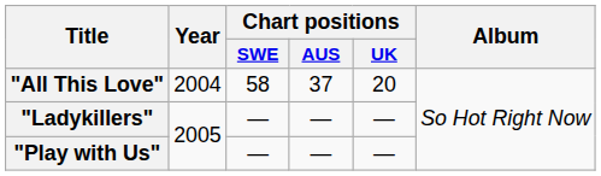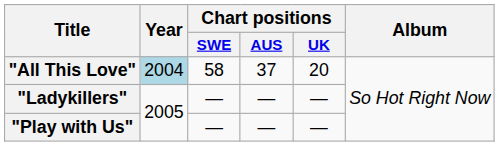 <table class="wikitable plainrowheaders" style="text-align:center;">
 <tr>
 <th rowspan="2">Title</th>
 <th rowspan="2">Year</th>
 <th colspan="3">Chart positions</th>
 <th rowspan="2">Album</th>
 </tr>
 <tr>
 <th scope="col" style="width:3em;font-size:85%;"><a href='#'>SWE</a><br></th>
 <th scope="col" style="width:3em;font-size:85%;"><a href='#'>AUS</a><br></th>
 <th scope="col" style="width:3em;font-size:85%;"><a href='#'>UK</a><br></th>
 </tr>
 <tr>
 <th scope="row">"All This Love"</th>
-<td>2004</td>
+<td style="background: lightblue;">2004</td>
 <td>58</td>
 <td>37</td>
 <td>20</td>
 <td rowspan="3"><em>So Hot Right Now</em></td>
 </tr>
 <tr>
 <th scope="row">"Ladykillers"</th>
 <td rowspan="2">2005</td>
 <td>—</td>
 <td>—</td>
 <td>—</td>
 </tr>
 <tr>
 <th scope="row">"Play with Us"</th>
 <td>—</td>
 <td>—</td>
 <td>—</td>
 </tr>
 </table>
